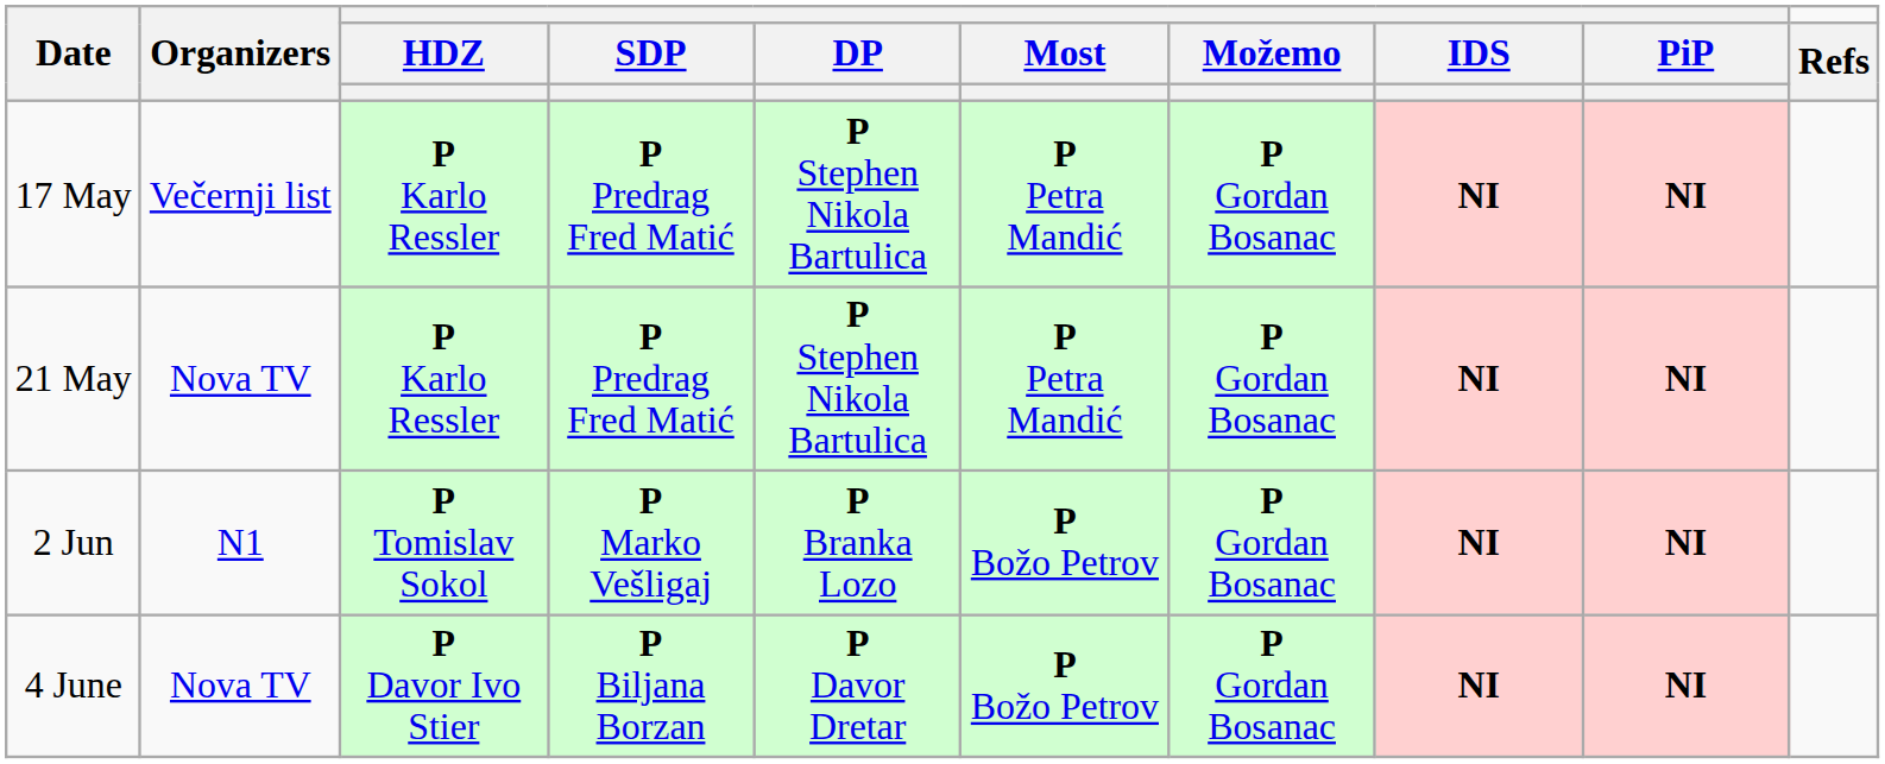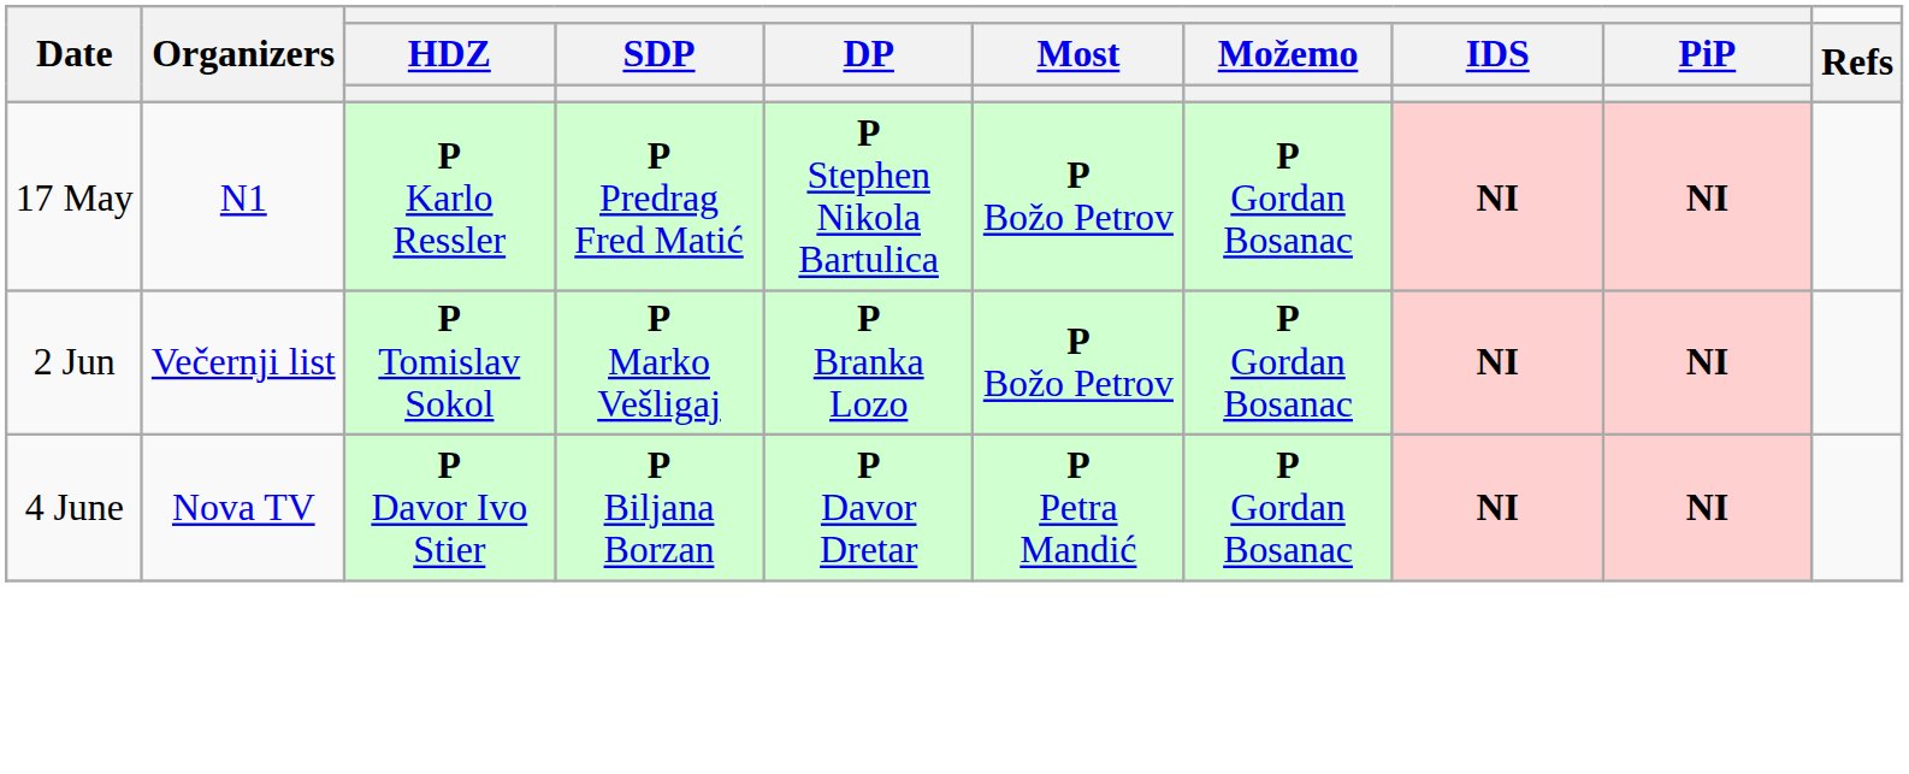 <table class="wikitable" style="font-size:85%; line-height:15px; text-align:center">
 <tr>
 <th rowspan="3">Date</th>
 <th rowspan="3">Organizers</th>
 <th colspan="7">        </th>
 </tr>
 <tr>
 <th scope="col" style="width:5em"><a href='#'>HDZ</a></th>
 <th scope="col" style="width:5em"><a href='#'>SDP</a></th>
 <th scope="col" style="width:5em"><a href='#'>DP</a></th>
 <th scope="col" style="width:5em"><a href='#'>Most</a></th>
 <th scope="col" style="width:5em"><a href='#'>Možemo</a></th>
 <th scope="col" style="width:5em"><a href='#'>IDS</a></th>
 <th scope="col" style="width:5em"><a href='#'>PiP</a></th>
 <th rowspan="2">Refs</th>
 </tr>
 <tr>
 <th style="background:"></th>
 <th style="background:"></th>
 <th style="background:"></th>
 <th style="background:"></th>
 <th style="background:"></th>
 <th style="background:"></th>
 <th style="background:"></th>
 </tr>
 <tr>
 <td>17 May</td>
-<td><a href='#'>Večernji list</a></td>
+<td><a href='#'>N1</a></td>
 <td style="background:#D0FFD0"><strong>P</strong><br><a href='#'>Karlo Ressler</a></td>
 <td style="background:#D0FFD0"><strong>P</strong><br><a href='#'>Predrag Fred Matić</a></td>
 <td style="background:#D0FFD0"><strong>P</strong><br><a href='#'>Stephen Nikola Bartulica</a></td>
-<td style="background:#D0FFD0"><strong>P</strong><br><a href='#'>Petra Mandić</a></td>
-<td style="background:#D0FFD0"><strong>P</strong><br><a href='#'>Gordan Bosanac</a></td>
-<td style="background:#FFD0D0"><strong>NI</strong></td>
-<td style="background:#FFD0D0"><strong>NI</strong></td>
-<td></td>
-</tr>
-<tr>
-<td>21 May</td>
-<td><a href='#'>Nova TV</a></td>
-<td style="background:#D0FFD0"><strong>P</strong><br><a href='#'>Karlo Ressler</a></td>
-<td style="background:#D0FFD0"><strong>P</strong><br><a href='#'>Predrag Fred Matić</a></td>
-<td style="background:#D0FFD0"><strong>P</strong><br><a href='#'>Stephen Nikola Bartulica</a></td>
-<td style="background:#D0FFD0"><strong>P</strong><br><a href='#'>Petra Mandić</a></td>
+<td style="background:#D0FFD0"><strong>P</strong><br><a href='#'>Božo Petrov</a></td>
 <td style="background:#D0FFD0"><strong>P</strong><br><a href='#'>Gordan Bosanac</a></td>
 <td style="background:#FFD0D0"><strong>NI</strong></td>
 <td style="background:#FFD0D0"><strong>NI</strong></td>
 <td></td>
 </tr>
 <tr>
 <td>2 Jun</td>
-<td><a href='#'>N1</a></td>
+<td><a href='#'>Večernji list</a></td>
 <td style="background:#D0FFD0"><strong>P</strong><br><a href='#'>Tomislav Sokol</a></td>
 <td style="background:#D0FFD0"><strong>P</strong><br><a href='#'>Marko Vešligaj</a></td>
 <td style="background:#D0FFD0"><strong>P</strong><br><a href='#'>Branka Lozo</a></td>
 <td style="background:#D0FFD0"><strong>P</strong><br><a href='#'>Božo Petrov</a></td>
 <td style="background:#D0FFD0"><strong>P</strong><br><a href='#'>Gordan Bosanac</a></td>
 <td style="background:#FFD0D0"><strong>NI</strong></td>
 <td style="background:#FFD0D0"><strong>NI</strong></td>
 <td></td>
 </tr>
 <tr>
 <td>4 June</td>
 <td><a href='#'>Nova TV</a></td>
 <td style="background:#D0FFD0"><strong>P</strong><br><a href='#'>Davor Ivo Stier</a></td>
 <td style="background:#D0FFD0"><strong>P</strong><br><a href='#'>Biljana Borzan</a></td>
 <td style="background:#D0FFD0"><strong>P</strong><br><a href='#'>Davor Dretar</a></td>
-<td style="background:#D0FFD0"><strong>P</strong><br><a href='#'>Božo Petrov</a></td>
+<td style="background:#D0FFD0"><strong>P</strong><br><a href='#'>Petra Mandić</a></td>
 <td style="background:#D0FFD0"><strong>P</strong><br><a href='#'>Gordan Bosanac</a></td>
 <td style="background:#FFD0D0"><strong>NI</strong></td>
 <td style="background:#FFD0D0"><strong>NI</strong></td>
 <td></td>
 </tr>
 </table>
